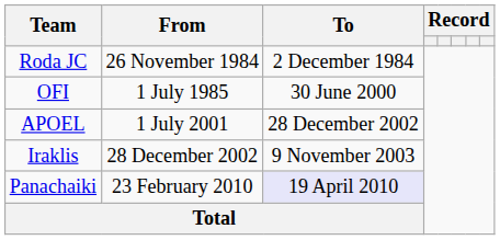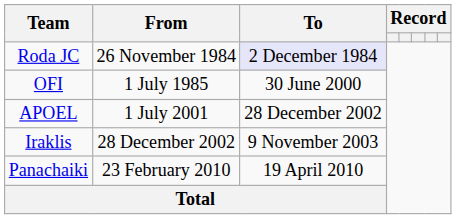 <table class="wikitable" style="text-align: center">
 <tr>
 <th rowspan="2">Team</th>
 <th rowspan="2">From</th>
 <th rowspan="2">To</th>
 <th colspan="5">Record</th>
 </tr>
 <tr>
 <th></th>
 <th></th>
 <th></th>
 <th></th>
 <th></th>
 </tr>
 <tr>
 <td><a href='#'>Roda JC</a></td>
 <td>26 November 1984</td>
-<td>2 December 1984<br></td>
+<td style="background: lavender;">2 December 1984<br></td>
 </tr>
 <tr>
 <td><a href='#'>OFI</a></td>
 <td>1 July 1985</td>
 <td>30 June 2000<br></td>
 </tr>
 <tr>
 <td><a href='#'>APOEL</a></td>
 <td>1 July 2001</td>
 <td>28 December 2002<br></td>
 </tr>
 <tr>
 <td><a href='#'>Iraklis</a></td>
 <td>28 December 2002</td>
 <td>9 November 2003<br></td>
 </tr>
 <tr>
 <td><a href='#'>Panachaiki</a></td>
 <td>23 February 2010</td>
-<td style="background: lavender;">19 April 2010<br></td>
+<td>19 April 2010<br></td>
 </tr>
 <tr>
 <th colspan=3>Total<br></th>
 </tr>
 </table>
